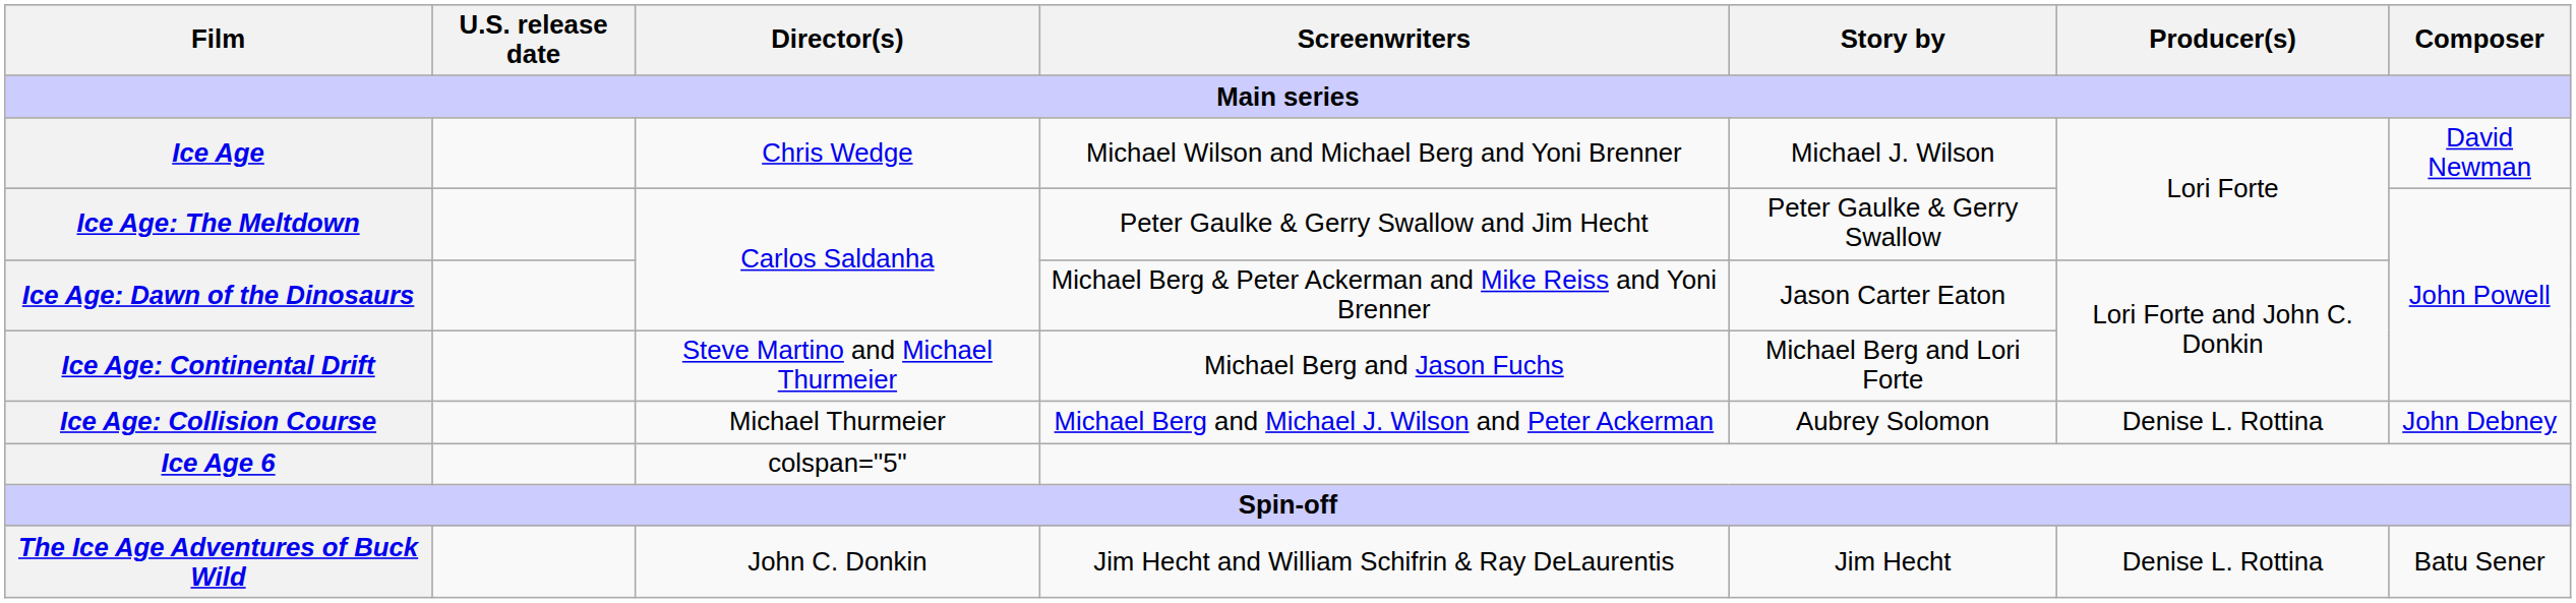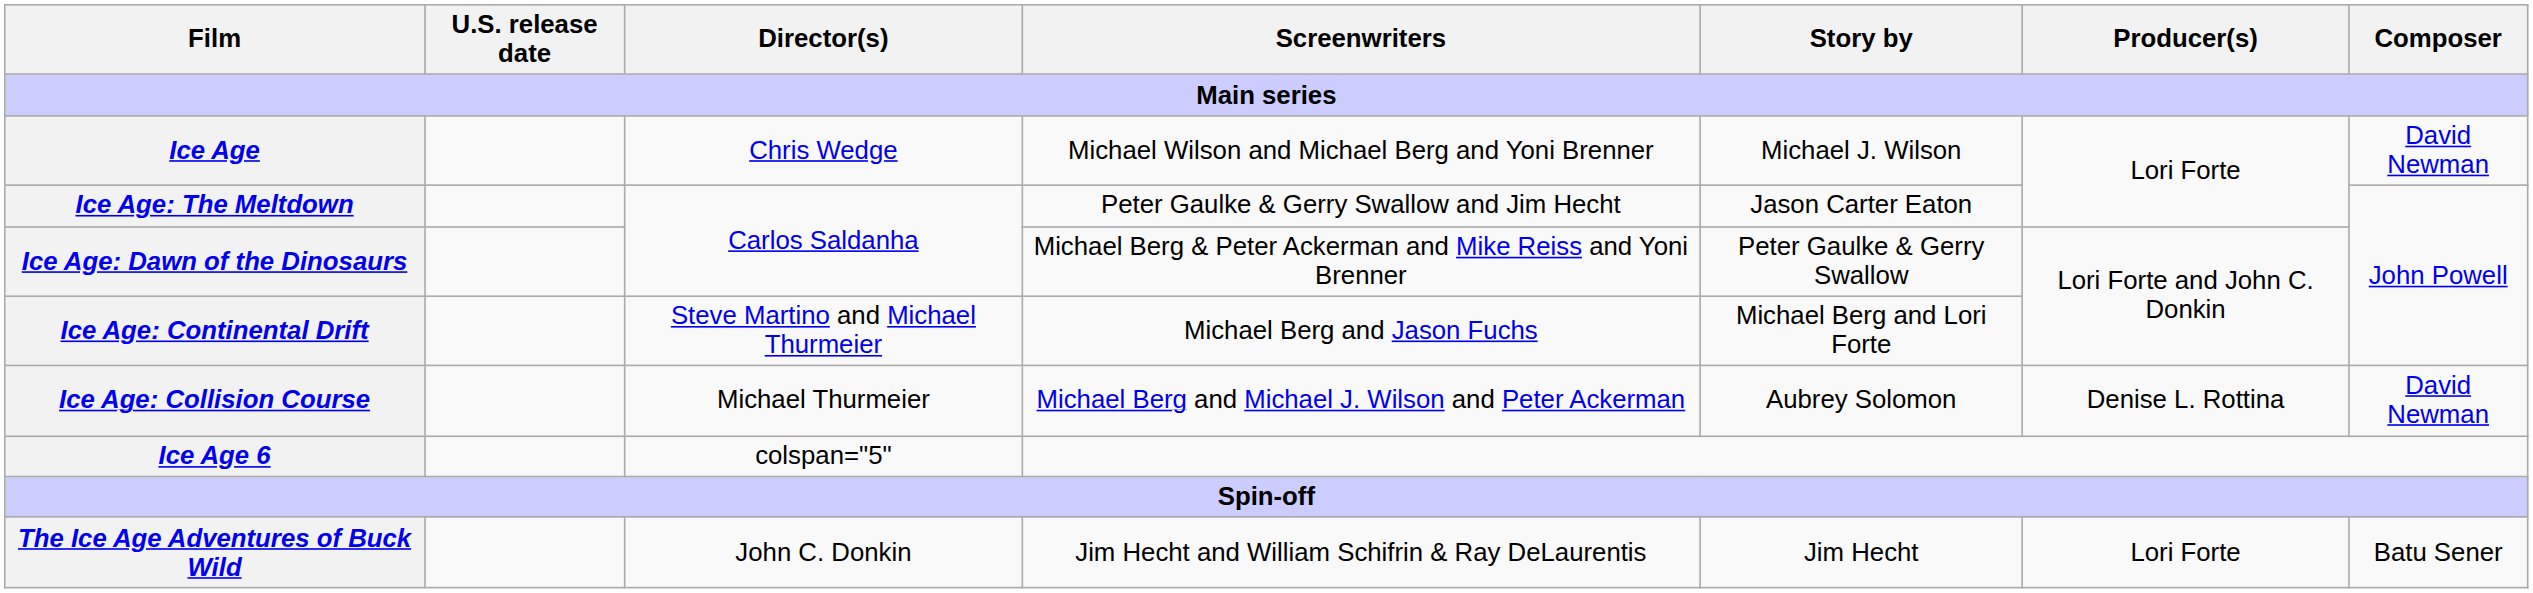 <table class="wikitable plainrowheaders" style="text-align:center; width:99%;">
 <tr>
 <th>Film</th>
 <th>U.S. release date</th>
 <th>Director(s)</th>
 <th>Screenwriters</th>
 <th>Story by</th>
 <th>Producer(s)</th>
 <th>Composer</th>
 </tr>
 <tr>
 <th colspan="8" scope="col" style="background-color:#ccccff;">Main series</th>
 </tr>
 <tr>
 <th scope="row"><em><a href='#'>Ice Age</a></em></th>
 <td style="text-align:left;"></td>
 <td><a href='#'>Chris Wedge</a></td>
 <td>Michael Wilson and Michael Berg and Yoni Brenner</td>
 <td>Michael J. Wilson</td>
 <td rowspan="2">Lori Forte</td>
 <td><a href='#'>David Newman</a></td>
 </tr>
 <tr>
 <th scope="row"><em><a href='#'>Ice Age: The Meltdown</a></em></th>
 <td style="text-align:left;"></td>
 <td rowspan="2"><a href='#'>Carlos Saldanha</a></td>
 <td>Peter Gaulke & Gerry Swallow and Jim Hecht</td>
-<td>Peter Gaulke & Gerry Swallow</td>
+<td>Jason Carter Eaton</td>
 <td rowspan="3"><a href='#'>John Powell</a></td>
 </tr>
 <tr>
 <th scope="row"><em><a href='#'>Ice Age: Dawn of the Dinosaurs</a></em></th>
 <td style="text-align:left;"></td>
 <td>Michael Berg & Peter Ackerman and <a href='#'>Mike Reiss</a> and Yoni Brenner</td>
-<td>Jason Carter Eaton</td>
+<td>Peter Gaulke & Gerry Swallow</td>
 <td rowspan="2">Lori Forte and John C. Donkin</td>
 </tr>
 <tr>
 <th scope="row"><em><a href='#'>Ice Age: Continental Drift</a></em></th>
 <td style="text-align:left;"></td>
 <td><a href='#'>Steve Martino</a> and <a href='#'>Michael Thurmeier</a></td>
 <td>Michael Berg and <a href='#'>Jason Fuchs</a></td>
 <td>Michael Berg and Lori Forte</td>
 </tr>
 <tr>
 <th scope="row"><em><a href='#'>Ice Age: Collision Course</a></em></th>
 <td style="text-align:left;"></td>
 <td>Michael Thurmeier</td>
 <td><a href='#'>Michael Berg</a> and <a href='#'>Michael J. Wilson</a> and <a href='#'>Peter Ackerman</a></td>
 <td>Aubrey Solomon</td>
 <td>Denise L. Rottina</td>
-<td><a href='#'>John Debney</a></td>
+<td><a href='#'>David Newman</a></td>
 </tr>
 <tr>
 <th scope="row"><em><a href='#'>Ice Age 6</a></em></th>
 <td style="text-align:left;"></td>
 <td>colspan="5" </td>
 </tr>
 <tr>
 <th colspan="8" scope="col" style="background-color:#ccccff;">Spin-off</th>
 </tr>
 <tr>
 <th scope="row"><em><a href='#'>The Ice Age Adventures of Buck Wild</a></em></th>
 <td style="text-align:left;"></td>
 <td>John C. Donkin</td>
 <td>Jim Hecht and William Schifrin & Ray DeLaurentis</td>
 <td>Jim Hecht</td>
-<td>Denise L. Rottina</td>
+<td>Lori Forte</td>
 <td>Batu Sener</td>
 </tr>
 </table>
